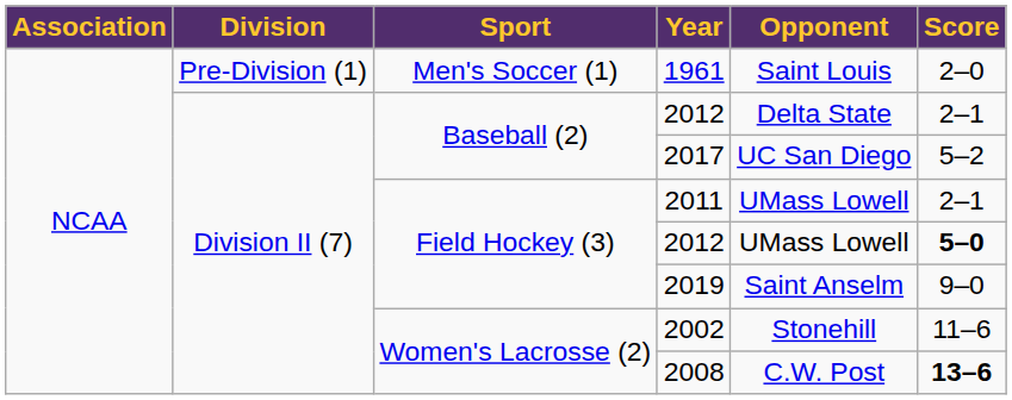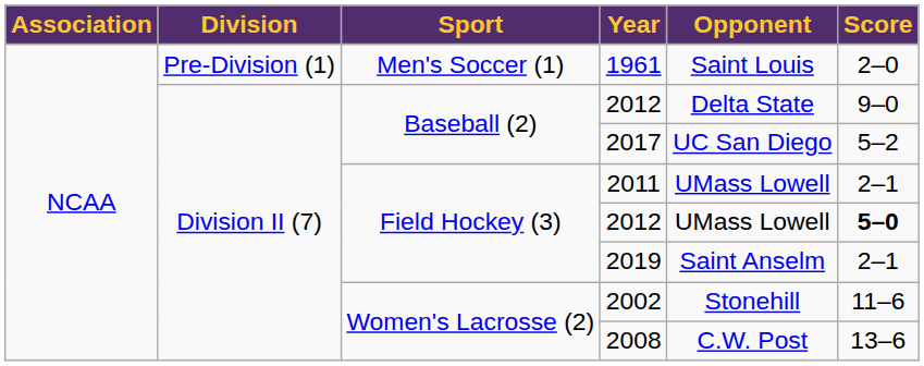 <table class="wikitable" style="text-align:center">
 <tr>
 <th style="background:#512D6D; color:#FFC72C;">Association</th>
 <th style="background:#512D6D; color:#FFC72C;">Division</th>
 <th style="background:#512D6D; color:#FFC72C;">Sport</th>
 <th style="background:#512D6D; color:#FFC72C;">Year</th>
 <th style="background:#512D6D; color:#FFC72C;">Opponent</th>
 <th style="background:#512D6D; color:#FFC72C">Score</th>
 </tr>
 <tr align="center">
 <td rowspan="8"><a href='#'>NCAA</a></td>
 <td rowspan="1"><a href='#'>Pre-Division</a> (1)</td>
 <td><a href='#'>Men's Soccer</a> (1)</td>
 <td><a href='#'>1961</a></td>
 <td><a href='#'>Saint Louis</a></td>
 <td>2–0</td>
 </tr>
 <tr align="center">
 <td rowspan="7"><a href='#'>Division II</a> (7)</td>
 <td rowspan="2"><a href='#'>Baseball</a> (2)</td>
 <td>2012</td>
 <td><a href='#'>Delta State</a></td>
-<td>2–1</td>
+<td>9–0</td>
 </tr>
 <tr align="center">
 <td>2017</td>
 <td><a href='#'>UC San Diego</a></td>
 <td>5–2</td>
 </tr>
 <tr align="center">
 <td rowspan="3"><a href='#'>Field Hockey</a> (3)</td>
 <td>2011</td>
 <td><a href='#'>UMass Lowell</a></td>
 <td>2–1</td>
 </tr>
 <tr align="center">
 <td>2012</td>
 <td>UMass Lowell</td>
 <td><strong>5–0</strong></td>
 </tr>
 <tr align="center">
 <td>2019</td>
 <td><a href='#'>Saint Anselm</a></td>
-<td>9–0</td>
+<td>2–1</td>
 </tr>
 <tr align="center">
 <td rowspan="2"><a href='#'>Women's Lacrosse</a> (2)</td>
 <td>2002</td>
 <td><a href='#'>Stonehill</a></td>
 <td>11–6</td>
 </tr>
 <tr align="center">
 <td>2008</td>
 <td><a href='#'>C.W. Post</a></td>
-<td><strong>13–6</strong></td>
+<td>13–6</td>
 </tr>
 </table>
